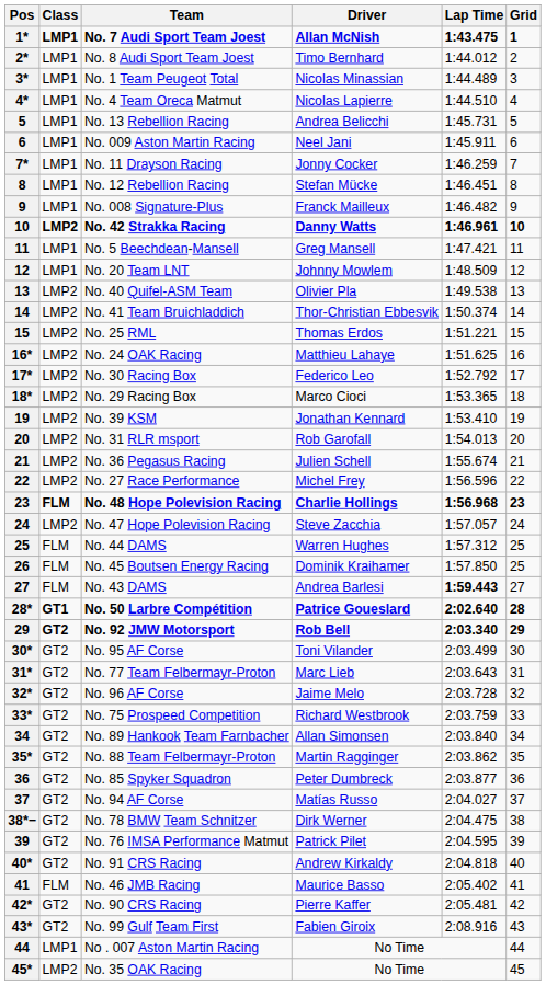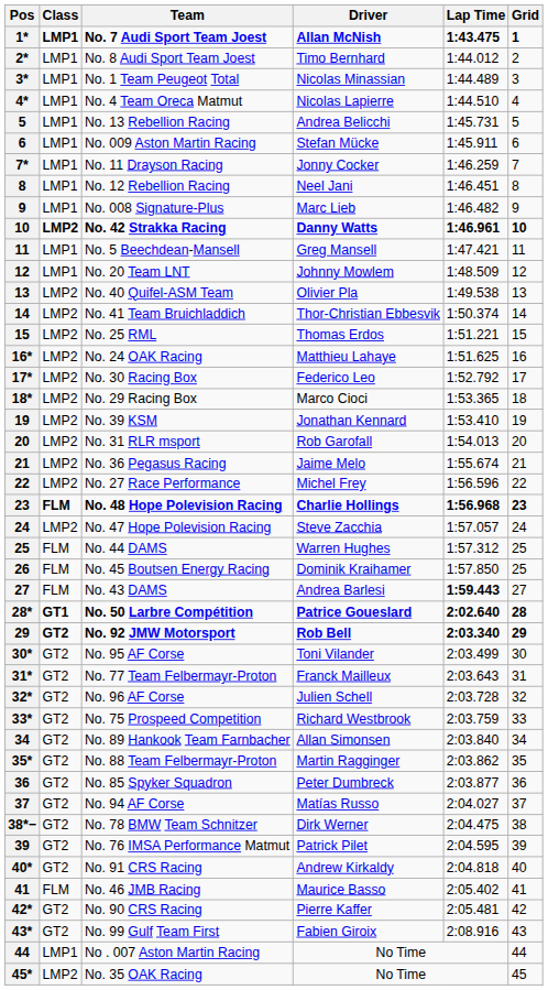 <table class="wikitable" style="font-size:90%;">
 <tr>
 <th>Pos</th>
 <th>Class</th>
 <th>Team</th>
 <th>Driver</th>
 <th>Lap Time</th>
 <th>Grid</th>
 </tr>
 <tr style="font-weight:bold">
 <th>1*</th>
 <td>LMP1</td>
 <td>No. 7 <a href='#'>Audi Sport Team Joest</a></td>
 <td><a href='#'>Allan McNish</a></td>
 <td>1:43.475</td>
 <td>1</td>
 </tr>
 <tr>
 <th>2*</th>
 <td>LMP1</td>
 <td>No. 8 <a href='#'>Audi Sport Team Joest</a></td>
 <td><a href='#'>Timo Bernhard</a></td>
 <td>1:44.012</td>
 <td>2</td>
 </tr>
 <tr>
 <th>3*</th>
 <td>LMP1</td>
 <td>No. 1 <a href='#'>Team Peugeot</a> <a href='#'>Total</a></td>
 <td><a href='#'>Nicolas Minassian</a></td>
 <td>1:44.489</td>
 <td>3</td>
 </tr>
 <tr>
 <th>4*</th>
 <td>LMP1</td>
 <td>No. 4 <a href='#'>Team Oreca</a> Matmut</td>
 <td><a href='#'>Nicolas Lapierre</a></td>
 <td>1:44.510</td>
 <td>4</td>
 </tr>
 <tr>
 <th>5</th>
 <td>LMP1</td>
 <td>No. 13 <a href='#'>Rebellion Racing</a></td>
 <td><a href='#'>Andrea Belicchi</a></td>
 <td>1:45.731</td>
 <td>5</td>
 </tr>
 <tr>
 <th>6</th>
 <td>LMP1</td>
 <td>No. 009 <a href='#'>Aston Martin Racing</a></td>
-<td><a href='#'>Neel Jani</a></td>
+<td><a href='#'>Stefan Mücke</a></td>
 <td>1:45.911</td>
 <td>6</td>
 </tr>
 <tr>
 <th>7*</th>
 <td>LMP1</td>
 <td>No. 11 <a href='#'>Drayson Racing</a></td>
 <td><a href='#'>Jonny Cocker</a></td>
 <td>1:46.259</td>
 <td>7</td>
 </tr>
 <tr>
 <th>8</th>
 <td>LMP1</td>
 <td>No. 12 <a href='#'>Rebellion Racing</a></td>
-<td><a href='#'>Stefan Mücke</a></td>
+<td><a href='#'>Neel Jani</a></td>
 <td>1:46.451</td>
 <td>8</td>
 </tr>
 <tr>
 <th>9</th>
 <td>LMP1</td>
 <td>No. 008 <a href='#'>Signature-Plus</a></td>
-<td><a href='#'>Franck Mailleux</a></td>
+<td><a href='#'>Marc Lieb</a></td>
 <td>1:46.482</td>
 <td>9</td>
 </tr>
 <tr style="font-weight:bold">
 <th>10</th>
 <td>LMP2</td>
 <td>No. 42 <a href='#'>Strakka Racing</a></td>
 <td><a href='#'>Danny Watts</a></td>
 <td>1:46.961</td>
 <td>10</td>
 </tr>
 <tr>
 <th>11</th>
 <td>LMP1</td>
 <td>No. 5 <a href='#'>Beechdean</a>-<a href='#'>Mansell</a></td>
 <td><a href='#'>Greg Mansell</a></td>
 <td>1:47.421</td>
 <td>11</td>
 </tr>
 <tr>
 <th>12</th>
 <td>LMP1</td>
 <td>No. 20 <a href='#'>Team LNT</a></td>
 <td><a href='#'>Johnny Mowlem</a></td>
 <td>1:48.509</td>
 <td>12</td>
 </tr>
 <tr>
 <th>13</th>
 <td>LMP2</td>
 <td>No. 40 <a href='#'>Quifel-ASM Team</a></td>
 <td><a href='#'>Olivier Pla</a></td>
 <td>1:49.538</td>
 <td>13</td>
 </tr>
 <tr>
 <th>14</th>
 <td>LMP2</td>
 <td>No. 41 <a href='#'>Team Bruichladdich</a></td>
 <td><a href='#'>Thor-Christian Ebbesvik</a></td>
 <td>1:50.374</td>
 <td>14</td>
 </tr>
 <tr>
 <th>15</th>
 <td>LMP2</td>
 <td>No. 25 <a href='#'>RML</a></td>
 <td><a href='#'>Thomas Erdos</a></td>
 <td>1:51.221</td>
 <td>15</td>
 </tr>
 <tr>
 <th>16*</th>
 <td>LMP2</td>
 <td>No. 24 <a href='#'>OAK Racing</a></td>
 <td><a href='#'>Matthieu Lahaye</a></td>
 <td>1:51.625</td>
 <td>16</td>
 </tr>
 <tr>
 <th>17*</th>
 <td>LMP2</td>
 <td>No. 30 <a href='#'>Racing Box</a></td>
 <td><a href='#'>Federico Leo</a></td>
 <td>1:52.792</td>
 <td>17</td>
 </tr>
 <tr>
 <th>18*</th>
 <td>LMP2</td>
 <td>No. 29 Racing Box</td>
 <td>Marco Cioci</td>
 <td>1:53.365</td>
 <td>18</td>
 </tr>
 <tr>
 <th>19</th>
 <td>LMP2</td>
 <td>No. 39 <a href='#'>KSM</a></td>
 <td><a href='#'>Jonathan Kennard</a></td>
 <td>1:53.410</td>
 <td>19</td>
 </tr>
 <tr>
 <th>20</th>
 <td>LMP2</td>
 <td>No. 31 <a href='#'>RLR msport</a></td>
 <td><a href='#'>Rob Garofall</a></td>
 <td>1:54.013</td>
 <td>20</td>
 </tr>
 <tr>
 <th>21</th>
 <td>LMP2</td>
 <td>No. 36 <a href='#'>Pegasus Racing</a></td>
-<td><a href='#'>Julien Schell</a></td>
+<td><a href='#'>Jaime Melo</a></td>
 <td>1:55.674</td>
 <td>21</td>
 </tr>
 <tr>
 <th>22</th>
 <td>LMP2</td>
 <td>No. 27 <a href='#'>Race Performance</a></td>
 <td><a href='#'>Michel Frey</a></td>
 <td>1:56.596</td>
 <td>22</td>
 </tr>
 <tr style="font-weight:bold">
 <th>23</th>
 <td>FLM</td>
 <td>No. 48 <a href='#'>Hope Polevision Racing</a></td>
 <td><a href='#'>Charlie Hollings</a></td>
 <td>1:56.968</td>
 <td>23</td>
 </tr>
 <tr>
 <th>24</th>
 <td>LMP2</td>
 <td>No. 47 <a href='#'>Hope Polevision Racing</a></td>
 <td><a href='#'>Steve Zacchia</a></td>
 <td>1:57.057</td>
 <td>24</td>
 </tr>
 <tr>
 <th>25</th>
 <td>FLM</td>
 <td>No. 44 <a href='#'>DAMS</a></td>
 <td><a href='#'>Warren Hughes</a></td>
 <td>1:57.312</td>
 <td>25</td>
 </tr>
 <tr>
 <th>26</th>
 <td>FLM</td>
 <td>No. 45 <a href='#'>Boutsen Energy Racing</a></td>
 <td><a href='#'>Dominik Kraihamer</a></td>
 <td>1:57.850</td>
 <td>25</td>
 </tr>
 <tr>
 <th>27</th>
 <td>FLM</td>
 <td>No. 43 <a href='#'>DAMS</a></td>
 <td><a href='#'>Andrea Barlesi</a></td>
 <td><strong>1:59.443</strong></td>
 <td>27</td>
 </tr>
 <tr style="font-weight:bold">
 <th>28*</th>
 <td>GT1</td>
 <td>No. 50 <a href='#'>Larbre Compétition</a></td>
 <td><a href='#'>Patrice Goueslard</a></td>
 <td>2:02.640</td>
 <td>28</td>
 </tr>
 <tr style="font-weight:bold">
 <th>29</th>
 <td>GT2</td>
 <td>No. 92 <a href='#'>JMW Motorsport</a></td>
 <td><a href='#'>Rob Bell</a></td>
 <td>2:03.340</td>
 <td>29</td>
 </tr>
 <tr>
 <th>30*</th>
 <td>GT2</td>
 <td>No. 95 <a href='#'>AF Corse</a></td>
 <td><a href='#'>Toni Vilander</a></td>
 <td>2:03.499</td>
 <td>30</td>
 </tr>
 <tr>
 <th>31*</th>
 <td>GT2</td>
 <td>No. 77 <a href='#'>Team Felbermayr-Proton</a></td>
-<td><a href='#'>Marc Lieb</a></td>
+<td><a href='#'>Franck Mailleux</a></td>
 <td>2:03.643</td>
 <td>31</td>
 </tr>
 <tr>
 <th>32*</th>
 <td>GT2</td>
 <td>No. 96 <a href='#'>AF Corse</a></td>
-<td><a href='#'>Jaime Melo</a></td>
+<td><a href='#'>Julien Schell</a></td>
 <td>2:03.728</td>
 <td>32</td>
 </tr>
 <tr>
 <th>33*</th>
 <td>GT2</td>
 <td>No. 75 <a href='#'>Prospeed Competition</a></td>
 <td><a href='#'>Richard Westbrook</a></td>
 <td>2:03.759</td>
 <td>33</td>
 </tr>
 <tr>
 <th>34</th>
 <td>GT2</td>
 <td>No. 89 <a href='#'>Hankook</a> <a href='#'>Team Farnbacher</a></td>
 <td><a href='#'>Allan Simonsen</a></td>
 <td>2:03.840</td>
 <td>34</td>
 </tr>
 <tr>
 <th>35*</th>
 <td>GT2</td>
 <td>No. 88 <a href='#'>Team Felbermayr-Proton</a></td>
 <td><a href='#'>Martin Ragginger</a></td>
 <td>2:03.862</td>
 <td>35</td>
 </tr>
 <tr>
 <th>36</th>
 <td>GT2</td>
 <td>No. 85 <a href='#'>Spyker Squadron</a></td>
 <td><a href='#'>Peter Dumbreck</a></td>
 <td>2:03.877</td>
 <td>36</td>
 </tr>
 <tr>
 <th>37</th>
 <td>GT2</td>
 <td>No. 94 <a href='#'>AF Corse</a></td>
 <td><a href='#'>Matías Russo</a></td>
 <td>2:04.027</td>
 <td>37</td>
 </tr>
 <tr>
 <th>38*−</th>
 <td>GT2</td>
 <td>No. 78 <a href='#'>BMW</a> <a href='#'>Team Schnitzer</a></td>
 <td><a href='#'>Dirk Werner</a></td>
 <td>2:04.475</td>
 <td>38</td>
 </tr>
 <tr>
 <th>39</th>
 <td>GT2</td>
 <td>No. 76 <a href='#'>IMSA Performance</a> Matmut</td>
 <td><a href='#'>Patrick Pilet</a></td>
 <td>2:04.595</td>
 <td>39</td>
 </tr>
 <tr>
 <th>40*</th>
 <td>GT2</td>
 <td>No. 91 <a href='#'>CRS Racing</a></td>
 <td><a href='#'>Andrew Kirkaldy</a></td>
 <td>2:04.818</td>
 <td>40</td>
 </tr>
 <tr>
 <th>41</th>
 <td>FLM</td>
 <td>No. 46 <a href='#'>JMB Racing</a></td>
 <td><a href='#'>Maurice Basso</a></td>
 <td>2:05.402</td>
 <td>41</td>
 </tr>
 <tr>
 <th>42*</th>
 <td>GT2</td>
 <td>No. 90 <a href='#'>CRS Racing</a></td>
 <td><a href='#'>Pierre Kaffer</a></td>
 <td>2:05.481</td>
 <td>42</td>
 </tr>
 <tr>
 <th>43*</th>
 <td>GT2</td>
 <td>No. 99 <a href='#'>Gulf</a> <a href='#'>Team First</a></td>
 <td><a href='#'>Fabien Giroix</a></td>
 <td>2:08.916</td>
 <td>43</td>
 </tr>
 <tr>
 <th>44</th>
 <td>LMP1</td>
 <td>No . 007 <a href='#'>Aston Martin Racing</a></td>
 <td colspan=2 align=center>No Time</td>
 <td>44</td>
 </tr>
 <tr>
 <th>45*</th>
 <td>LMP2</td>
 <td>No. 35 <a href='#'>OAK Racing</a></td>
 <td colspan=2 align=center>No Time</td>
 <td>45</td>
 </tr>
 </table>
